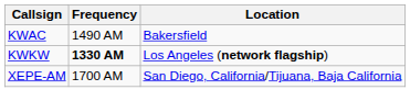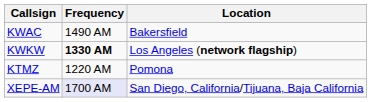 <table class="wikitable">
 <tr>
 <th>Callsign</th>
 <th>Frequency</th>
 <th>Location</th>
 </tr>
 <tr>
 <td><a href='#'>KWAC</a></td>
 <td>1490 AM</td>
 <td><a href='#'>Bakersfield</a></td>
 </tr>
 <tr>
 <td><a href='#'>KWKW</a></td>
 <td><strong>1330 AM</strong></td>
 <td><a href='#'>Los Angeles</a> (<strong>network flagship</strong>)</td>
 </tr>
 <tr>
+<td><a href='#'>KTMZ</a></td>
+<td>1220 AM</td>
+<td><a href='#'>Pomona</a></td>
+</tr>
+<tr>
 <td><a href='#'>XEPE-AM</a></td>
-<td>1700 AM</td>
+<td style="background: lavender;">1700 AM</td>
 <td><a href='#'>San Diego, California</a>/<a href='#'>Tijuana, Baja California</a></td>
 </tr>
 </table>
